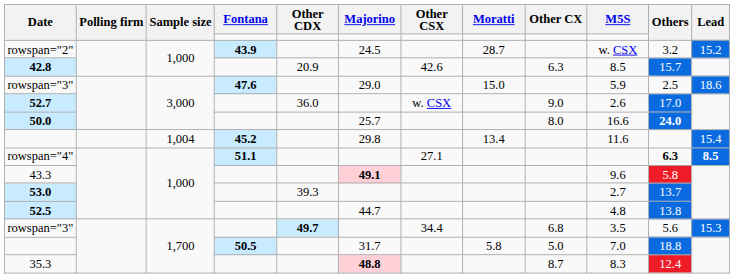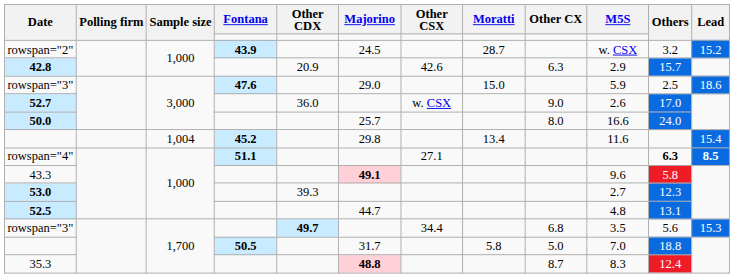 <table class="wikitable" style="text-align:center;font-size:85%;line-height:13px">
 <tr>
 <th rowspan="2">Date</th>
 <th rowspan="2">Polling firm</th>
 <th rowspan="2">Sample size</th>
 <th style="width:61px;"><a href='#'>Fontana</a></th>
 <th style="width:61px;">Other CDX</th>
 <th style="width:61px;"><a href='#'>Majorino</a></th>
 <th style="width:61px;">Other CSX</th>
 <th style="width:61px;"><a href='#'>Moratti</a></th>
 <th style="width:61px;">Other CX</th>
 <th style="width:61px;"><a href='#'>M5S</a></th>
 <th rowspan="2" style="width:35px;">Others</th>
 <th rowspan="2" style="width:35px;">Lead</th>
 </tr>
 <tr>
 <td></td>
 <td></td>
 <td></td>
 <td></td>
 <td></td>
 <td></td>
 <td></td>
 </tr>
 <tr>
 <td>rowspan="2" </td>
 <td rowspan="2"></td>
 <td rowspan="2">1,000</td>
 <td style="background:#C8EBFF"><strong>43.9</strong></td>
 <td></td>
 <td>24.5</td>
 <td></td>
 <td>28.7</td>
 <td></td>
 <td>w. <a href='#'>CSX</a></td>
 <td>3.2</td>
 <td style="background:#0A6BE1; color:white;">15.2</td>
 </tr>
 <tr>
 <td style="background:#C8EBFF"><strong>42.8</strong></td>
 <td></td>
 <td>20.9</td>
 <td></td>
 <td>42.6</td>
 <td></td>
 <td>6.3</td>
-<td>8.5</td>
+<td>2.9</td>
 <td style="background:#0A6BE1; color:white;">15.7</td>
 </tr>
 <tr>
 <td>rowspan="3" </td>
 <td rowspan="3"></td>
 <td rowspan="3">3,000</td>
 <td style="background:#C8EBFF"><strong>47.6</strong></td>
 <td></td>
 <td>29.0</td>
 <td></td>
 <td>15.0</td>
 <td></td>
 <td>5.9</td>
 <td>2.5</td>
 <td style="background:#0A6BE1; color:white;">18.6</td>
 </tr>
 <tr>
 <td style="background:#C8EBFF"><strong>52.7</strong></td>
 <td></td>
 <td>36.0</td>
 <td></td>
 <td>w. <a href='#'>CSX</a></td>
 <td></td>
 <td>9.0</td>
 <td>2.6</td>
 <td style="background:#0A6BE1; color:white;">17.0</td>
 </tr>
 <tr>
 <td style="background:#C8EBFF"><strong>50.0</strong></td>
 <td></td>
 <td></td>
 <td>25.7</td>
 <td></td>
 <td></td>
 <td>8.0</td>
 <td>16.6</td>
-<td style="background:#0A6BE1; color:white;"><strong>24.0</strong></td>
+<td style="background:#0A6BE1; color:white;">24.0</td>
 </tr>
 <tr>
 <td></td>
 <td></td>
 <td>1,004</td>
 <td style="background:#C8EBFF"><strong>45.2</strong></td>
 <td></td>
 <td>29.8</td>
 <td></td>
 <td>13.4</td>
 <td></td>
 <td>11.6</td>
 <td></td>
 <td style="background:#0A6BE1; color:white;">15.4</td>
 </tr>
 <tr>
 <td>rowspan="4" </td>
 <td rowspan="4"></td>
 <td rowspan="4">1,000</td>
 <td style="background:#C8EBFF"><strong>51.1</strong></td>
 <td></td>
 <td></td>
 <td>27.1</td>
 <td></td>
 <td></td>
 <td></td>
 <td><strong>6.3</strong></td>
 <td style="background:#0A6BE1; color:white;"><strong>8.5</strong></td>
 </tr>
 <tr>
 <td>43.3</td>
 <td></td>
 <td></td>
 <td style="background:#FFD0D7"><strong>49.1</strong></td>
 <td></td>
 <td></td>
 <td></td>
 <td>9.6</td>
 <td style="background:#EF1C27; color:white;">5.8</td>
 </tr>
 <tr>
 <td style="background:#C8EBFF"><strong>53.0</strong></td>
 <td></td>
 <td>39.3</td>
 <td></td>
 <td></td>
 <td></td>
 <td></td>
 <td>2.7</td>
-<td style="background:#0A6BE1; color:white;">13.7</td>
+<td style="background:#0A6BE1; color:white;">12.3</td>
 </tr>
 <tr>
 <td style="background:#C8EBFF"><strong>52.5</strong></td>
 <td></td>
 <td></td>
 <td>44.7</td>
 <td></td>
 <td></td>
 <td></td>
 <td>4.8</td>
-<td style="background:#0A6BE1; color:white;">13.8</td>
+<td style="background:#0A6BE1; color:white;">13.1</td>
 </tr>
 <tr>
 <td>rowspan="3" </td>
 <td rowspan="3"></td>
 <td rowspan="3">1,700</td>
 <td></td>
 <td style="background:#C8EBFF"><strong>49.7</strong></td>
 <td></td>
 <td>34.4</td>
 <td></td>
 <td>6.8</td>
 <td>3.5</td>
 <td>5.6</td>
 <td style="background:#0A6BE1; color:white;">15.3</td>
 </tr>
 <tr>
 <td></td>
 <td style="background:#C8EBFF"><strong>50.5</strong></td>
 <td></td>
 <td>31.7</td>
 <td></td>
 <td>5.8</td>
 <td>5.0</td>
 <td>7.0</td>
 <td style="background:#0A6BE1; color:white;">18.8</td>
 </tr>
 <tr>
 <td>35.3</td>
 <td></td>
 <td></td>
 <td style="background:#FFD0D7"><strong>48.8</strong></td>
 <td></td>
 <td></td>
 <td>8.7</td>
 <td>8.3</td>
 <td style="background:#EF1C27; color:white;">12.4</td>
 </tr>
 </table>
